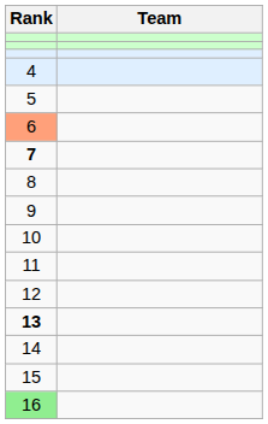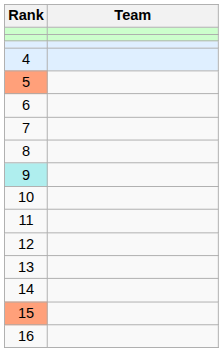 <table class="wikitable" style="text-align: center;">
 <tr>
 <th width=40>Rank</th>
 <th width=180>Team</th>
 </tr>
 <tr bgcolor=#ccffcc>
 <td></td>
 <td align=left></td>
 </tr>
 <tr bgcolor=#ccffcc>
 <td></td>
 <td align=left></td>
 </tr>
 <tr bgcolor=#dfefff>
 <td></td>
 <td align=left></td>
 </tr>
 <tr bgcolor=#dfefff>
 <td>4</td>
 <td align=left></td>
 </tr>
 <tr>
-<td>5</td>
+<td style="background: lightsalmon;">5</td>
 <td align=left></td>
 </tr>
 <tr>
-<td style="background: lightsalmon;">6</td>
+<td>6</td>
 <td align=left></td>
 </tr>
 <tr>
-<td><strong>7</strong></td>
+<td>7</td>
 <td align=left></td>
 </tr>
 <tr>
 <td>8</td>
 <td align=left></td>
 </tr>
 <tr>
-<td>9</td>
+<td style="background: paleturquoise;">9</td>
 <td align=left></td>
 </tr>
 <tr>
 <td>10</td>
 <td align=left></td>
 </tr>
 <tr>
 <td>11</td>
 <td align=left></td>
 </tr>
 <tr>
 <td>12</td>
 <td align=left></td>
 </tr>
 <tr>
-<td><strong>13</strong></td>
+<td>13</td>
 <td align=left></td>
 </tr>
 <tr>
 <td>14</td>
 <td align=left></td>
 </tr>
 <tr>
-<td>15</td>
+<td style="background: lightsalmon;">15</td>
 <td align=left></td>
 </tr>
 <tr>
-<td style="background: lightgreen;">16</td>
+<td>16</td>
 <td align=left></td>
 </tr>
 </table>
